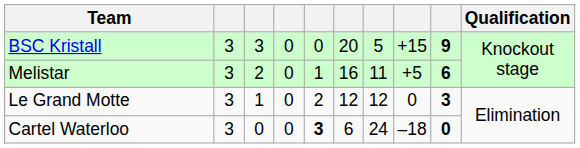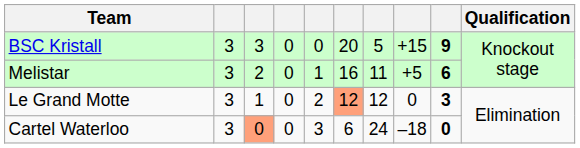 <table class="wikitable" style="text-align: center;">
 <tr>
 <th width="185">Team</th>
 <th width="20"></th>
 <th width="20"></th>
 <th width="20"></th>
 <th width="20"></th>
 <th width="20"></th>
 <th width="20"></th>
 <th width="20"></th>
 <th width="20"></th>
 <th width="20">Qualification</th>
 </tr>
 <tr bgcolor=#ccffcc>
 <td align=left> <a href='#'>BSC Kristall</a></td>
 <td>3</td>
 <td>3</td>
 <td>0</td>
 <td>0</td>
 <td>20</td>
 <td>5</td>
 <td>+15</td>
 <td><strong>9</strong></td>
 <td rowspan=2>Knockout stage</td>
 </tr>
 <tr bgcolor=#ccffcc>
 <td align=left> Melistar</td>
 <td>3</td>
 <td>2</td>
 <td>0</td>
 <td>1</td>
 <td>16</td>
 <td>11</td>
 <td>+5</td>
 <td><strong>6</strong></td>
 </tr>
 <tr>
 <td align=left> Le Grand Motte</td>
 <td>3</td>
 <td>1</td>
 <td>0</td>
 <td>2</td>
-<td>12</td>
+<td style="background: lightsalmon;">12</td>
 <td>12</td>
 <td>0</td>
 <td><strong>3</strong></td>
 <td rowspan=2>Elimination</td>
 </tr>
 <tr>
 <td align=left> Cartel Waterloo</td>
 <td>3</td>
+<td style="background: lightsalmon;">0</td>
 <td>0</td>
-<td>0</td>
-<td><strong>3</strong></td>
+<td>3</td>
 <td>6</td>
 <td>24</td>
 <td>–18</td>
 <td><strong>0</strong></td>
 </tr>
 </table>
